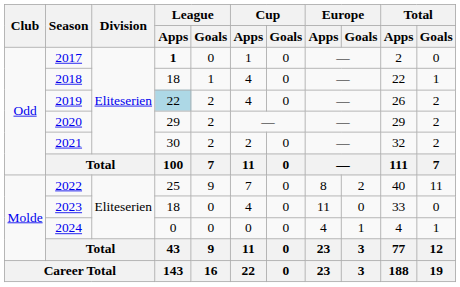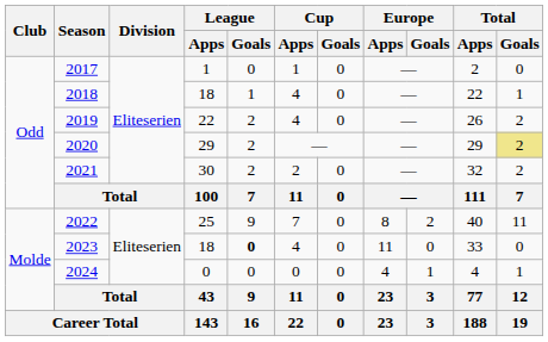 <table class="wikitable" style="text-align: center;">
 <tr>
 <th rowspan="2">Club</th>
 <th rowspan="2">Season</th>
 <th rowspan="2">Division</th>
 <th colspan="2">League</th>
 <th colspan="2">Cup</th>
 <th colspan="2">Europe</th>
 <th colspan="2">Total</th>
 </tr>
 <tr>
 <th>Apps</th>
 <th>Goals</th>
 <th>Apps</th>
 <th>Goals</th>
 <th>Apps</th>
 <th>Goals</th>
 <th>Apps</th>
 <th>Goals</th>
 </tr>
 <tr>
 <td rowspan="6"><a href='#'>Odd</a></td>
 <td><a href='#'>2017</a></td>
 <td rowspan="5"><a href='#'>Eliteserien</a></td>
-<td><strong>1</strong></td>
+<td>1</td>
 <td>0</td>
 <td>1</td>
 <td>0</td>
 <td colspan="2">—</td>
 <td>2</td>
 <td>0</td>
 </tr>
 <tr>
 <td><a href='#'>2018</a></td>
 <td>18</td>
 <td>1</td>
 <td>4</td>
 <td>0</td>
 <td colspan="2">—</td>
 <td>22</td>
 <td>1</td>
 </tr>
 <tr>
 <td><a href='#'>2019</a></td>
-<td style="background: lightblue;">22</td>
+<td>22</td>
 <td>2</td>
 <td>4</td>
 <td>0</td>
 <td colspan="2">—</td>
 <td>26</td>
 <td>2</td>
 </tr>
 <tr>
 <td><a href='#'>2020</a></td>
 <td>29</td>
 <td>2</td>
 <td colspan="2">—</td>
 <td colspan="2">—</td>
 <td>29</td>
-<td>2</td>
+<td style="background: khaki;">2</td>
 </tr>
 <tr>
 <td><a href='#'>2021</a></td>
 <td>30</td>
 <td>2</td>
 <td>2</td>
 <td>0</td>
 <td colspan="2">—</td>
 <td>32</td>
 <td>2</td>
 </tr>
 <tr>
 <th colspan="2">Total</th>
 <th>100</th>
 <th>7</th>
 <th>11</th>
 <th>0</th>
 <th colspan="2">—</th>
 <th>111</th>
 <th>7</th>
 </tr>
 <tr>
 <td rowspan="4"><a href='#'>Molde</a></td>
 <td><a href='#'>2022</a></td>
 <td rowspan="3">Eliteserien</td>
 <td>25</td>
 <td>9</td>
 <td>7</td>
 <td>0</td>
 <td>8</td>
 <td>2</td>
 <td>40</td>
 <td>11</td>
 </tr>
 <tr>
 <td><a href='#'>2023</a></td>
 <td>18</td>
-<td>0</td>
+<td><strong>0</strong></td>
 <td>4</td>
 <td>0</td>
 <td>11</td>
 <td>0</td>
 <td>33</td>
 <td>0</td>
 </tr>
 <tr>
 <td><a href='#'>2024</a></td>
 <td>0</td>
 <td>0</td>
 <td>0</td>
 <td>0</td>
 <td>4</td>
 <td>1</td>
 <td>4</td>
 <td>1</td>
 </tr>
 <tr>
 <th colspan="2">Total</th>
 <th>43</th>
 <th>9</th>
 <th>11</th>
 <th>0</th>
 <th>23</th>
 <th>3</th>
 <th>77</th>
 <th>12</th>
 </tr>
 <tr>
 <th colspan="3">Career Total</th>
 <th>143</th>
 <th>16</th>
 <th>22</th>
 <th>0</th>
 <th>23</th>
 <th>3</th>
 <th>188</th>
 <th>19</th>
 </tr>
 </table>
